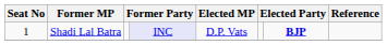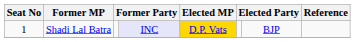 <table class="wikitable">
 <tr>
 <th>Seat No</th>
 <th>Former MP</th>
 <th colspan=2>Former Party</th>
 <th>Elected MP</th>
 <th colspan=2>Elected Party</th>
 <th>Reference</th>
 </tr>
 <tr style="text-align:center;">
 <td>1</td>
 <td><a href='#'>Shadi Lal Batra</a></td>
 <td width="1px"></td>
 <td style="background: lavender;"><a href='#'>INC</a></td>
-<td><a href='#'>D.P. Vats</a></td>
+<td style="background: gold;"><a href='#'>D.P. Vats</a></td>
 <td width="1px"></td>
-<td><strong><a href='#'>BJP</a></strong></td>
+<td><a href='#'>BJP</a></td>
 <td></td>
 </tr>
 <tr>
 </tr>
 </table>
